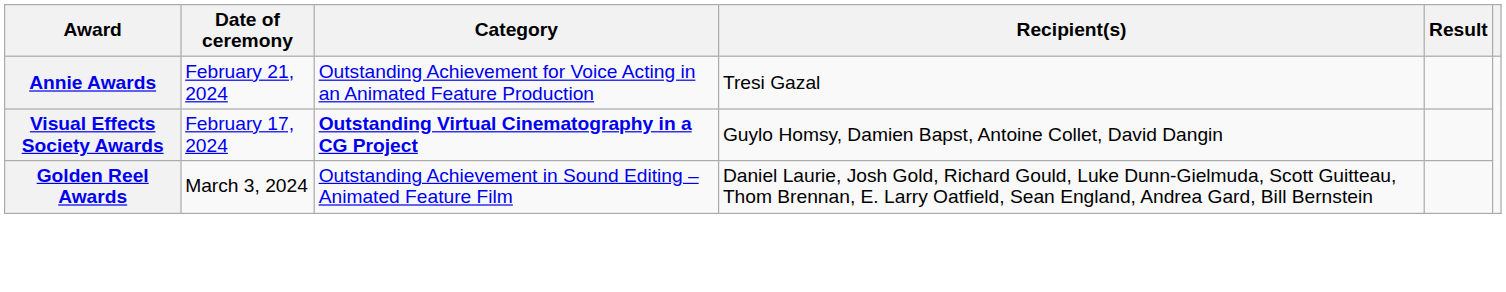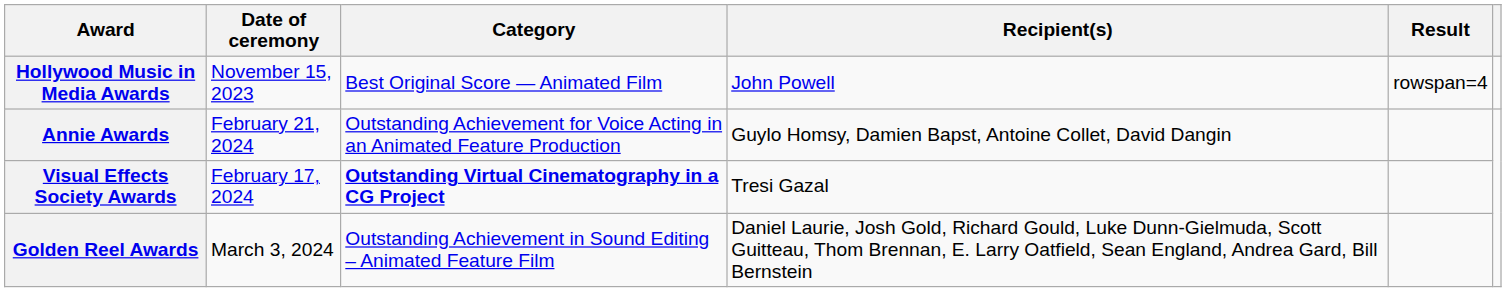 <table class="wikitable sortable plainrowheaders col6center">
 <tr>
 <th scope="col">Award</th>
 <th scope="col">Date of ceremony</th>
 <th scope="col">Category</th>
 <th scope="col">Recipient(s)</th>
 <th scope="col">Result</th>
 <th scope="col" class="unsortable"></th>
 </tr>
 <tr>
+<th scope="row"><a href='#'>Hollywood Music in Media Awards</a></th>
+<td><a href='#'>November 15, 2023</a></td>
+<td><a href='#'>Best Original Score — Animated Film</a></td>
+<td><a href='#'>John Powell</a></td>
+<td>rowspan=4 </td>
+<td align="center"></td>
+</tr>
+<tr>
 <th scope="row"><a href='#'>Annie Awards</a></th>
 <td><a href='#'>February 21, 2024</a></td>
 <td><a href='#'>Outstanding Achievement for Voice Acting in an Animated Feature Production</a></td>
-<td>Tresi Gazal</td>
+<td>Guylo Homsy, Damien Bapst, Antoine Collet, David Dangin</td>
 <td align="center"></td>
 </tr>
 <tr>
 <th scope="row"><a href='#'>Visual Effects Society Awards</a></th>
 <td><a href='#'>February 17, 2024</a></td>
 <td><strong><a href='#'>Outstanding Virtual Cinematography in a CG Project</a></strong></td>
-<td>Guylo Homsy, Damien Bapst, Antoine Collet, David Dangin</td>
+<td>Tresi Gazal</td>
 <td align="center"></td>
 </tr>
 <tr>
 <th scope="row"><a href='#'>Golden Reel Awards</a></th>
 <td>March 3, 2024</td>
 <td><a href='#'>Outstanding Achievement in Sound Editing – Animated Feature Film</a></td>
 <td>Daniel Laurie, Josh Gold, Richard Gould, Luke Dunn-Gielmuda, Scott Guitteau, Thom Brennan, E. Larry Oatfield, Sean England, Andrea Gard, Bill Bernstein</td>
 <td align="center"></td>
 </tr>
 </table>
